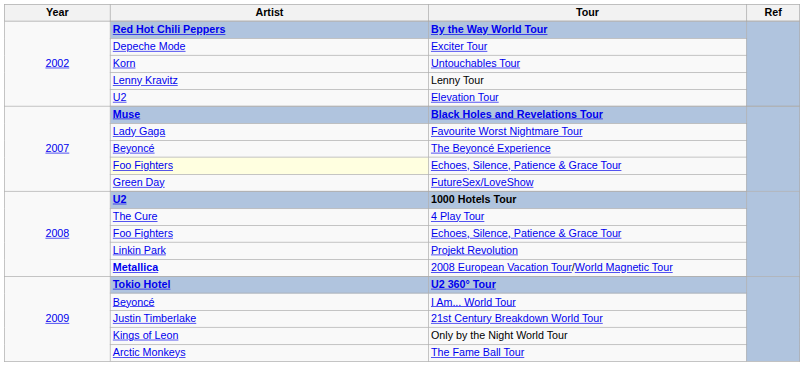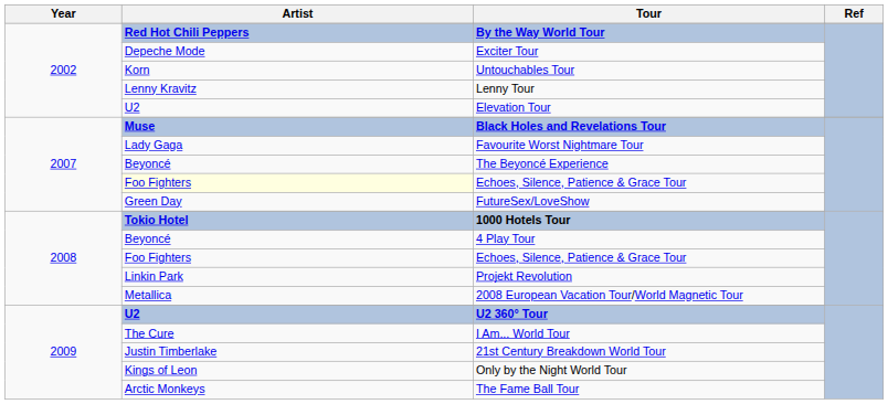 <table class="wikitable" style="width:75%;">
 <tr style="background:#bebebe;">
 <th style="width:10%;">Year</th>
 <th style="width:30%;">Artist</th>
 <th style="width:30%;">Tour</th>
 <th style="width:5%;">Ref</th>
 </tr>
 <tr>
 <td rowspan="6" align="center"><a href='#'>2002</a></td>
 </tr>
 <tr style="background:#B0C4DE">
 <td><strong><a href='#'>Red Hot Chili Peppers</a></strong></td>
 <td><strong><a href='#'>By the Way World Tour</a></strong></td>
 <td rowspan="5" align="center"></td>
 </tr>
 <tr>
 <td><a href='#'>Depeche Mode</a></td>
 <td><a href='#'>Exciter Tour</a></td>
 </tr>
 <tr>
 <td><a href='#'>Korn</a></td>
 <td><a href='#'>Untouchables Tour</a></td>
 </tr>
 <tr>
 <td><a href='#'>Lenny Kravitz</a></td>
 <td>Lenny Tour</td>
 </tr>
 <tr>
 <td><a href='#'>U2</a></td>
 <td><a href='#'>Elevation Tour</a></td>
 </tr>
 <tr>
 <td rowspan="6" align="center"><a href='#'>2007</a></td>
 </tr>
 <tr style="background:#B0C4DE">
 <td><strong><a href='#'>Muse</a></strong></td>
 <td><strong><a href='#'>Black Holes and Revelations Tour</a></strong></td>
 <td rowspan="6" align="center"></td>
 </tr>
 <tr>
 <td><a href='#'>Lady Gaga</a></td>
 <td><a href='#'>Favourite Worst Nightmare Tour</a></td>
 </tr>
 <tr>
 <td><a href='#'>Beyoncé</a></td>
 <td><a href='#'>The Beyoncé Experience</a></td>
 </tr>
 <tr>
 <td style="background: lightyellow;"><a href='#'>Foo Fighters</a></td>
 <td><a href='#'>Echoes, Silence, Patience & Grace Tour</a></td>
 </tr>
 <tr>
 <td><a href='#'>Green Day</a></td>
 <td><a href='#'>FutureSex/LoveShow</a></td>
 </tr>
 <tr>
 <td rowspan="6" align="center"><a href='#'>2008</a></td>
 </tr>
 <tr style="background:#B0C4DE">
-<td><strong><a href='#'>U2</a></strong></td>
+<td><strong><a href='#'>Tokio Hotel</a></strong></td>
 <td><strong>1000 Hotels Tour</strong></td>
 <td rowspan="6" align="center"></td>
 </tr>
 <tr>
-<td><a href='#'>The Cure</a></td>
+<td><a href='#'>Beyoncé</a></td>
 <td><a href='#'>4 Play Tour</a></td>
 </tr>
 <tr>
 <td><a href='#'>Foo Fighters</a></td>
 <td><a href='#'>Echoes, Silence, Patience & Grace Tour</a></td>
 </tr>
 <tr>
 <td><a href='#'>Linkin Park</a></td>
 <td><a href='#'>Projekt Revolution</a></td>
 </tr>
 <tr>
-<td><strong><a href='#'>Metallica</a></strong></td>
+<td><a href='#'>Metallica</a></td>
 <td><a href='#'>2008 European Vacation Tour</a>/<a href='#'>World Magnetic Tour</a></td>
 </tr>
 <tr>
 <td rowspan="6" align="center"><a href='#'>2009</a></td>
 </tr>
 <tr style="background:#B0C4DE">
-<td><strong><a href='#'>Tokio Hotel</a></strong></td>
+<td><strong><a href='#'>U2</a></strong></td>
 <td><strong><a href='#'>U2 360° Tour</a></strong></td>
 <td rowspan="6" align="center"></td>
 </tr>
 <tr>
-<td><a href='#'>Beyoncé</a></td>
+<td><a href='#'>The Cure</a></td>
 <td><a href='#'>I Am... World Tour</a></td>
 </tr>
 <tr>
 <td><a href='#'>Justin Timberlake</a></td>
 <td><a href='#'>21st Century Breakdown World Tour</a></td>
 </tr>
 <tr>
 <td><a href='#'>Kings of Leon</a></td>
 <td>Only by the Night World Tour</td>
 </tr>
 <tr>
 <td><a href='#'>Arctic Monkeys</a></td>
 <td><a href='#'>The Fame Ball Tour</a></td>
 </tr>
 </table>
